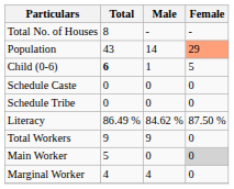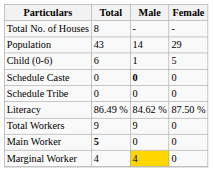 <table class="wikitable sortable">
 <tr>
 <th>Particulars</th>
 <th>Total</th>
 <th>Male</th>
 <th>Female</th>
 </tr>
 <tr>
 <td>Total No. of Houses</td>
 <td>8</td>
 <td>-</td>
 <td>-</td>
 </tr>
 <tr>
 <td>Population</td>
 <td>43</td>
 <td>14</td>
-<td style="background: lightsalmon;">29</td>
+<td>29</td>
 </tr>
 <tr>
 <td>Child (0-6)</td>
-<td><strong>6</strong></td>
+<td>6</td>
 <td>1</td>
 <td>5</td>
 </tr>
 <tr>
 <td>Schedule Caste</td>
 <td>0</td>
-<td>0</td>
+<td><strong>0</strong></td>
 <td>0</td>
 </tr>
 <tr>
 <td>Schedule Tribe</td>
 <td>0</td>
 <td>0</td>
 <td>0</td>
 </tr>
 <tr>
 <td>Literacy</td>
 <td>86.49 %</td>
 <td>84.62 %</td>
 <td>87.50 %</td>
 </tr>
 <tr>
 <td>Total Workers</td>
 <td>9</td>
 <td>9</td>
 <td>0</td>
 </tr>
 <tr>
 <td>Main Worker</td>
-<td>5</td>
+<td><strong>5</strong></td>
 <td>0</td>
-<td style="background: lightgrey;">0</td>
+<td>0</td>
 </tr>
 <tr>
 <td>Marginal Worker</td>
 <td>4</td>
-<td>4</td>
+<td style="background: gold;">4</td>
 <td>0</td>
 </tr>
 <tr>
 </tr>
 </table>
